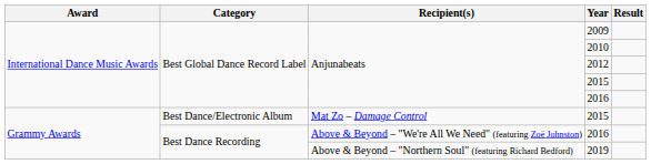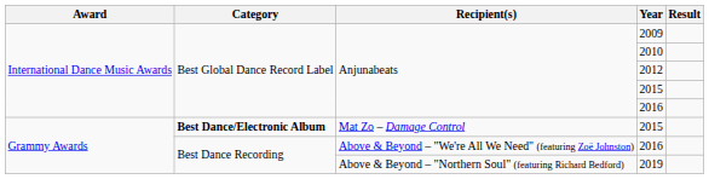 <table class="wikitable">
 <tr>
 <th>Award</th>
 <th>Category</th>
 <th>Recipient(s)</th>
 <th>Year</th>
 <th>Result</th>
 </tr>
 <tr>
 <td rowspan=5><a href='#'>International Dance Music Awards</a></td>
 <td rowspan=5>Best Global Dance Record Label</td>
 <td rowspan=5>Anjunabeats</td>
 <td>2009</td>
 <td></td>
 </tr>
 <tr>
 <td>2010</td>
 <td></td>
 </tr>
 <tr>
 <td>2012</td>
 <td></td>
 </tr>
 <tr>
 <td>2015</td>
 <td></td>
 </tr>
 <tr>
 <td>2016</td>
 <td></td>
 </tr>
 <tr>
 <td rowspan=3><a href='#'>Grammy Awards</a></td>
-<td>Best Dance/Electronic Album</td>
+<td><strong>Best Dance/Electronic Album</strong></td>
 <td><a href='#'>Mat Zo</a> – <em><a href='#'>Damage Control</a></em></td>
 <td>2015</td>
 <td></td>
 </tr>
 <tr>
 <td rowspan=2>Best Dance Recording</td>
 <td><a href='#'>Above & Beyond</a> – "We're All We Need" <small>(featuring <a href='#'>Zoë Johnston</a>)</small></td>
 <td>2016</td>
 <td></td>
 </tr>
 <tr>
 <td>Above & Beyond – "Northern Soul" <small>(featuring Richard Bedford)</small></td>
 <td>2019</td>
 <td></td>
 </tr>
 </table>
